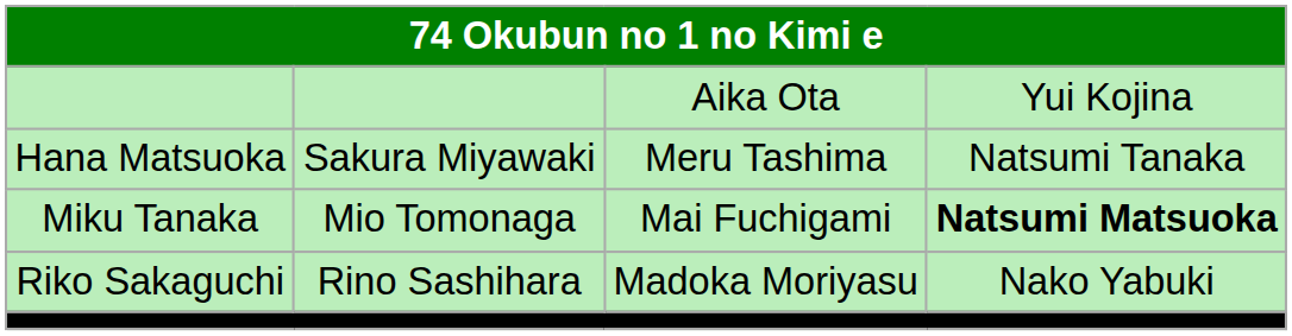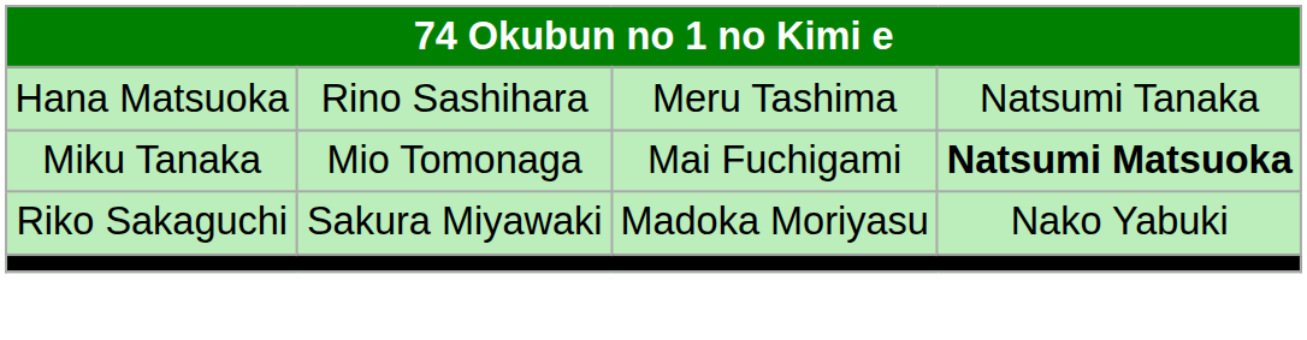 <table class="wikitable" style="background:#BEB">
 <tr>
 <th colspan="4" style="background:green; color:white;" width="500">74 Okubun no 1 no Kimi e</th>
 </tr>
 <tr>
-<td align="center"><strong></strong></td>
-<td align="center"></td>
-<td align="center">Aika Ota</td>
-<td align="center">Yui Kojina</td>
-</tr>
-<tr>
 <td align="center">Hana Matsuoka</td>
-<td align="center">Sakura Miyawaki</td>
+<td align="center">Rino Sashihara</td>
 <td align="center">Meru Tashima</td>
 <td align="center">Natsumi Tanaka</td>
 </tr>
 <tr>
 <td align="center">Miku Tanaka</td>
 <td align="center">Mio Tomonaga</td>
 <td align="center">Mai Fuchigami</td>
 <td align="center"><strong>Natsumi Matsuoka</strong></td>
 </tr>
 <tr>
 <td align="center">Riko Sakaguchi</td>
-<td align="center">Rino Sashihara</td>
+<td align="center">Sakura Miyawaki</td>
 <td align="center">Madoka Moriyasu</td>
 <td align="center">Nako Yabuki</td>
 </tr>
 <tr>
 <td align="center" colspan="4" style="background:black; color:white;"></td>
 </tr>
 </table>
